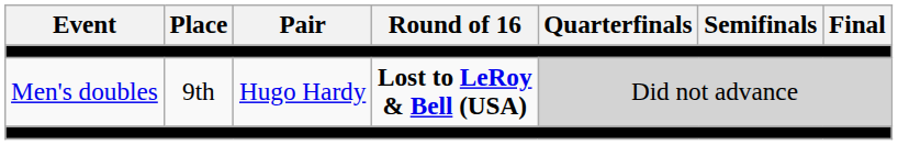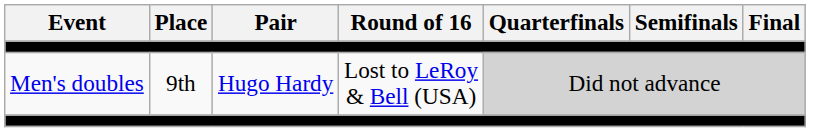 <table class=wikitable style="text-align:center">
 <tr>
 <th>Event</th>
 <th>Place</th>
 <th>Pair</th>
 <th>Round of 16</th>
 <th>Quarterfinals</th>
 <th>Semifinals</th>
 <th>Final</th>
 </tr>
 <tr bgcolor=black>
 <td colspan=7></td>
 </tr>
 <tr>
 <td><a href='#'>Men's doubles</a></td>
 <td>9th</td>
 <td align=left><a href='#'>Hugo Hardy</a> <br> </td>
-<td><strong>Lost to <a href='#'>LeRoy</a> <br>& <a href='#'>Bell</a> (USA)</strong></td>
+<td>Lost to <a href='#'>LeRoy</a> <br>& <a href='#'>Bell</a> (USA)</td>
 <td colspan=3 bgcolor=lightgray>Did not advance</td>
 </tr>
 <tr bgcolor=black>
 <td colspan=7></td>
 </tr>
 </table>
